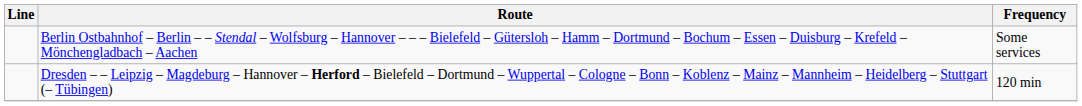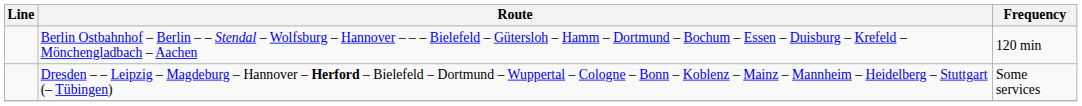 <table class="wikitable">
 <tr>
 <th>Line</th>
 <th>Route</th>
 <th>Frequency</th>
 </tr>
 <tr>
 <td></td>
 <td><a href='#'>Berlin Ostbahnhof</a> – <a href='#'>Berlin</a> –  – <em><a href='#'>Stendal</a></em> – <a href='#'>Wolfsburg</a> – <a href='#'>Hannover</a> – <em></em> – <strong></strong> – <a href='#'>Bielefeld</a> – <a href='#'>Gütersloh</a> – <a href='#'>Hamm</a> – <a href='#'>Dortmund</a> – <a href='#'>Bochum</a> – <a href='#'>Essen</a> – <a href='#'>Duisburg</a> – <a href='#'>Krefeld</a> – <a href='#'>Mönchengladbach</a> – <a href='#'>Aachen</a></td>
-<td>Some services</td>
+<td>120 min</td>
 </tr>
 <tr>
 <td></td>
 <td><a href='#'>Dresden</a> –  – <a href='#'>Leipzig</a> – <a href='#'>Magdeburg</a> – Hannover – <strong>Herford</strong> – Bielefeld – Dortmund – <a href='#'>Wuppertal</a> – <a href='#'>Cologne</a> – <a href='#'>Bonn</a> – <a href='#'>Koblenz</a> – <a href='#'>Mainz</a> – <a href='#'>Mannheim</a> – <a href='#'>Heidelberg</a> – <a href='#'>Stuttgart</a> (– <a href='#'>Tübingen</a>)</td>
-<td>120 min</td>
+<td>Some services</td>
 </tr>
 <tr>
 </tr>
 </table>
